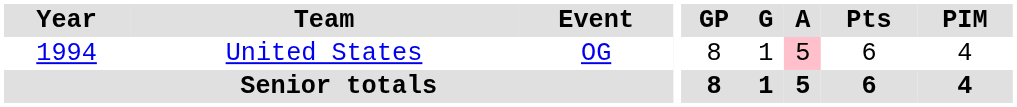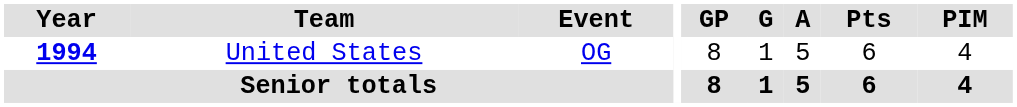 <table border="0" cellpadding="1" cellspacing="0" ID="Table3" style="text-align:center; width:40em">
 <tr ALIGN="center" bgcolor="#e0e0e0">
 <th>Year</th>
 <th>Team</th>
 <th>Event</th>
 <th rowspan="99" bgcolor="#ffffff"></th>
 <th>GP</th>
 <th>G</th>
 <th>A</th>
 <th>Pts</th>
 <th>PIM</th>
 </tr>
 <tr>
-<td><a href='#'>1994</a></td>
+<td><strong><a href='#'>1994</a></strong></td>
 <td><a href='#'>United States</a></td>
 <td><a href='#'>OG</a></td>
 <td>8</td>
 <td>1</td>
-<td style="background: pink;">5</td>
+<td>5</td>
 <td>6</td>
 <td>4</td>
 </tr>
 <tr bgcolor="#e0e0e0">
 <th colspan="3">Senior totals</th>
 <th>8</th>
 <th>1</th>
 <th>5</th>
 <th>6</th>
 <th>4</th>
 </tr>
 </table>
